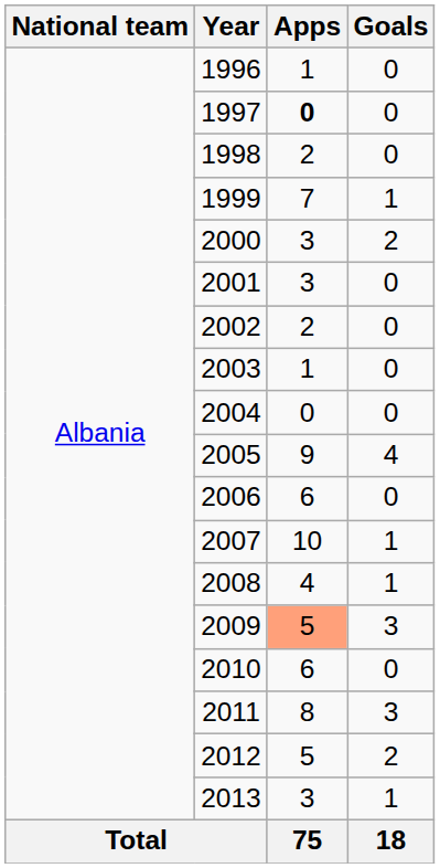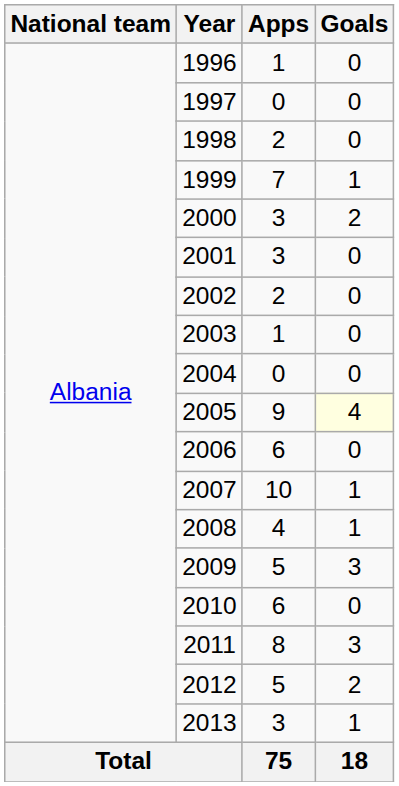 <table class="wikitable" style="text-align:center">
 <tr>
 <th>National team</th>
 <th>Year</th>
 <th>Apps</th>
 <th>Goals</th>
 </tr>
 <tr>
 <td rowspan="18"><a href='#'>Albania</a></td>
 <td>1996</td>
 <td>1</td>
 <td>0</td>
 </tr>
 <tr>
 <td>1997</td>
-<td><strong>0</strong></td>
+<td>0</td>
 <td>0</td>
 </tr>
 <tr>
 <td>1998</td>
 <td>2</td>
 <td>0</td>
 </tr>
 <tr>
 <td>1999</td>
 <td>7</td>
 <td>1</td>
 </tr>
 <tr>
 <td>2000</td>
 <td>3</td>
 <td>2</td>
 </tr>
 <tr>
 <td>2001</td>
 <td>3</td>
 <td>0</td>
 </tr>
 <tr>
 <td>2002</td>
 <td>2</td>
 <td>0</td>
 </tr>
 <tr>
 <td>2003</td>
 <td>1</td>
 <td>0</td>
 </tr>
 <tr>
 <td>2004</td>
 <td>0</td>
 <td>0</td>
 </tr>
 <tr>
 <td>2005</td>
 <td>9</td>
-<td>4</td>
+<td style="background: lightyellow;">4</td>
 </tr>
 <tr>
 <td>2006</td>
 <td>6</td>
 <td>0</td>
 </tr>
 <tr>
 <td>2007</td>
 <td>10</td>
 <td>1</td>
 </tr>
 <tr>
 <td>2008</td>
 <td>4</td>
 <td>1</td>
 </tr>
 <tr>
 <td>2009</td>
-<td style="background: lightsalmon;">5</td>
+<td>5</td>
 <td>3</td>
 </tr>
 <tr>
 <td>2010</td>
 <td>6</td>
 <td>0</td>
 </tr>
 <tr>
 <td>2011</td>
 <td>8</td>
 <td>3</td>
 </tr>
 <tr>
 <td>2012</td>
 <td>5</td>
 <td>2</td>
 </tr>
 <tr>
 <td>2013</td>
 <td>3</td>
 <td>1</td>
 </tr>
 <tr>
 <th colspan="2">Total</th>
 <th>75</th>
 <th>18</th>
 </tr>
 </table>
